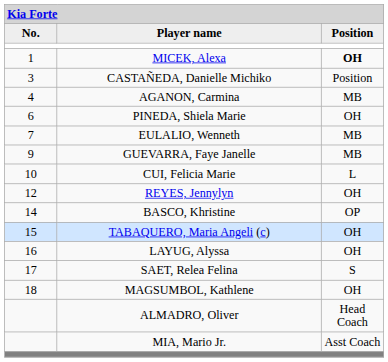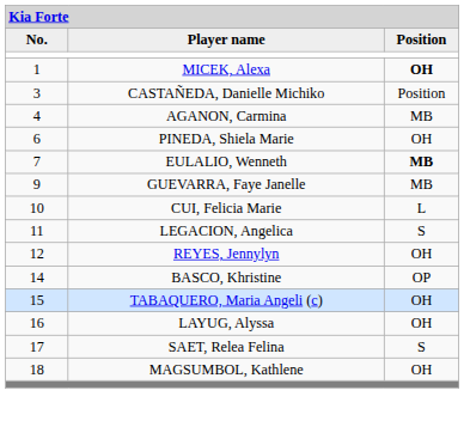 <table class='wikitable mw-collapsible mw-collapsed' style='text-align: center; width: 500px; border: none;'>
 <tr>
 <th style="background:#D4D4D4; text-align:left;" colspan=3> <a href='#'>Kia Forte</a></th>
 </tr>
 <tr style="background:#EEEEEE; font-weight:bold;">
 <td width=10%>No.</td>
 <td width=50%>Player name</td>
 <td width=10%>Position</td>
 </tr>
 <tr style="background:#FFFFFF;">
 <td colspan=3 align=center></td>
 </tr>
 <tr>
 <td align=center>1</td>
 <td><a href='#'>MICEK, Alexa</a></td>
 <td align=center><strong>OH</strong></td>
 </tr>
 <tr>
 <td align=center>3</td>
 <td>CASTAÑEDA, Danielle Michiko</td>
 <td width=10%>Position</td>
 </tr>
 <tr>
 <td align=center>4</td>
 <td>AGANON, Carmina</td>
 <td align=center>MB</td>
 </tr>
 <tr>
 <td align=center>6</td>
 <td>PINEDA, Shiela Marie</td>
 <td align=center>OH</td>
 </tr>
 <tr>
 <td align=center>7</td>
 <td>EULALIO, Wenneth</td>
-<td align=center>MB</td>
+<td align=center><strong>MB</strong></td>
 </tr>
 <tr>
 <td align=center>9</td>
 <td>GUEVARRA, Faye Janelle</td>
 <td align=center>MB</td>
 </tr>
 <tr>
 <td align=center>10</td>
 <td>CUI, Felicia Marie</td>
 <td align=center>L</td>
+</tr>
+<tr>
+<td align=center>11</td>
+<td>LEGACION, Angelica</td>
+<td align=center>S</td>
 </tr>
 <tr>
 <td align=center>12</td>
 <td><a href='#'>REYES, Jennylyn</a></td>
 <td align=center>OH</td>
 </tr>
 <tr>
 <td align=center>14</td>
 <td>BASCO, Khristine</td>
 <td align=center>OP</td>
 </tr>
 <tr style="background: #D0E6FF">
 <td align=center>15</td>
 <td><a href='#'>TABAQUERO, Maria Angeli</a> (<a href='#'>c</a>)</td>
 <td align=center>OH</td>
 </tr>
 <tr>
 <td align=center>16</td>
 <td>LAYUG, Alyssa</td>
 <td align=center>OH</td>
 </tr>
 <tr>
 <td align=center>17</td>
 <td>SAET, Relea Felina</td>
 <td align=center>S</td>
 </tr>
 <tr>
 <td align=center>18</td>
 <td>MAGSUMBOL, Kathlene</td>
 <td align=center>OH</td>
 </tr>
 <tr>
-<td align=center></td>
-<td>ALMADRO, Oliver</td>
-<td align=center>Head Coach</td>
-</tr>
-<tr>
-<td align=center></td>
-<td>MIA, Mario Jr.</td>
-<td align=center>Asst Coach</td>
-</tr>
-<tr>
 <th style="background:gray;" colspan=3></th>
 </tr>
 <tr>
 </tr>
 </table>
